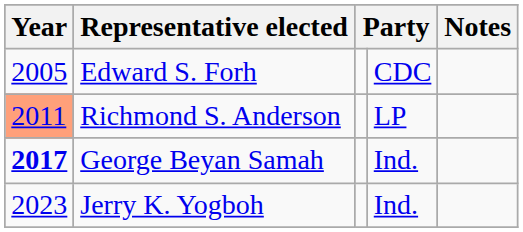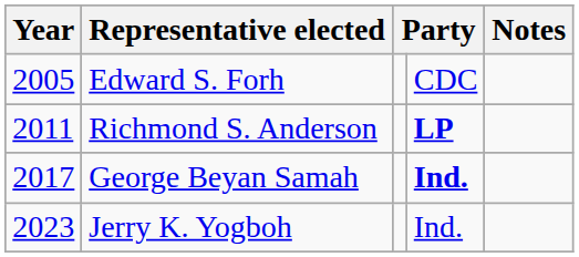 <table class="wikitable">
 <tr>
 <th>Year</th>
 <th>Representative elected</th>
 <th colspan=2>Party</th>
 <th>Notes</th>
 </tr>
 <tr>
 <td><a href='#'>2005</a></td>
 <td><a href='#'>Edward S. Forh</a></td>
 <td></td>
 <td><a href='#'>CDC</a></td>
 <td></td>
 </tr>
 <tr>
-<td style="background: lightsalmon;"><a href='#'>2011</a></td>
+<td><a href='#'>2011</a></td>
 <td><a href='#'>Richmond S. Anderson</a></td>
 <td></td>
-<td><a href='#'>LP</a></td>
+<td><strong><a href='#'>LP</a></strong></td>
 <td></td>
 </tr>
 <tr>
-<td><strong><a href='#'>2017</a></strong></td>
+<td><a href='#'>2017</a></td>
 <td><a href='#'>George Beyan Samah</a></td>
 <td></td>
-<td><a href='#'>Ind.</a></td>
+<td><strong><a href='#'>Ind.</a></strong></td>
 <td></td>
 </tr>
 <tr>
 <td><a href='#'>2023</a></td>
 <td><a href='#'>Jerry K. Yogboh</a></td>
 <td></td>
 <td><a href='#'>Ind.</a></td>
 <td></td>
 </tr>
 </table>
